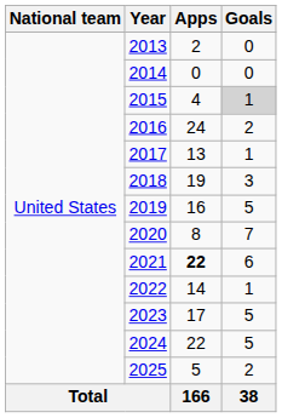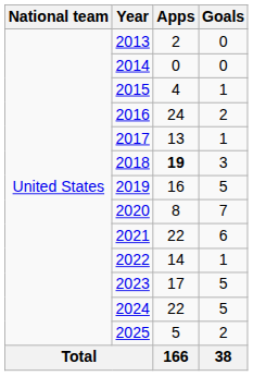 <table class="wikitable" style="text-align:center">
 <tr>
 <th>National team</th>
 <th>Year</th>
 <th>Apps</th>
 <th>Goals</th>
 </tr>
 <tr>
 <td rowspan="13"><a href='#'>United States</a></td>
 <td><a href='#'>2013</a></td>
 <td>2</td>
 <td>0</td>
 </tr>
 <tr>
 <td><a href='#'>2014</a></td>
 <td>0</td>
 <td>0</td>
 </tr>
 <tr>
 <td><a href='#'>2015</a></td>
 <td>4</td>
-<td style="background: lightgrey;">1</td>
+<td>1</td>
 </tr>
 <tr>
 <td><a href='#'>2016</a></td>
 <td>24</td>
 <td>2</td>
 </tr>
 <tr>
 <td><a href='#'>2017</a></td>
 <td>13</td>
 <td>1</td>
 </tr>
 <tr>
 <td><a href='#'>2018</a></td>
-<td>19</td>
+<td><strong>19</strong></td>
 <td>3</td>
 </tr>
 <tr>
 <td><a href='#'>2019</a></td>
 <td>16</td>
 <td>5</td>
 </tr>
 <tr>
 <td><a href='#'>2020</a></td>
 <td>8</td>
 <td>7</td>
 </tr>
 <tr>
 <td><a href='#'>2021</a></td>
-<td><strong>22</strong></td>
+<td>22</td>
 <td>6</td>
 </tr>
 <tr>
 <td><a href='#'>2022</a></td>
 <td>14</td>
 <td>1</td>
 </tr>
 <tr>
 <td><a href='#'>2023</a></td>
 <td>17</td>
 <td>5</td>
 </tr>
 <tr>
 <td><a href='#'>2024</a></td>
 <td>22</td>
 <td>5</td>
 </tr>
 <tr>
 <td><a href='#'>2025</a></td>
 <td>5</td>
 <td>2</td>
 </tr>
 <tr>
 <th colspan=2>Total</th>
 <th>166</th>
 <th>38</th>
 </tr>
 </table>
